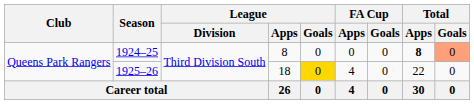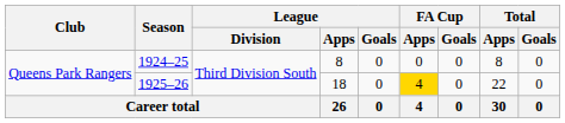 <table class="wikitable" style="text-align: center;">
 <tr>
 <th rowspan="2">Club</th>
 <th rowspan="2">Season</th>
 <th colspan="3">League</th>
 <th colspan="2">FA Cup</th>
 <th colspan="2">Total</th>
 </tr>
 <tr>
 <th>Division</th>
 <th>Apps</th>
 <th>Goals</th>
 <th>Apps</th>
 <th>Goals</th>
 <th>Apps</th>
 <th>Goals</th>
 </tr>
 <tr>
 <td rowspan="2"><a href='#'>Queens Park Rangers</a></td>
 <td><a href='#'>1924–25</a></td>
 <td rowspan="2"><a href='#'>Third Division South</a></td>
 <td>8</td>
 <td>0</td>
 <td>0</td>
 <td>0</td>
-<td><strong>8</strong></td>
-<td style="background: lightsalmon;">0</td>
+<td>8</td>
+<td>0</td>
 </tr>
 <tr>
 <td><a href='#'>1925–26</a></td>
 <td>18</td>
-<td style="background: gold;">0</td>
-<td>4</td>
+<td>0</td>
+<td style="background: gold;">4</td>
 <td>0</td>
 <td>22</td>
 <td>0</td>
 </tr>
 <tr>
 <th colspan="3">Career total</th>
 <th>26</th>
 <th>0</th>
 <th>4</th>
 <th>0</th>
 <th>30</th>
 <th>0</th>
 </tr>
 </table>
